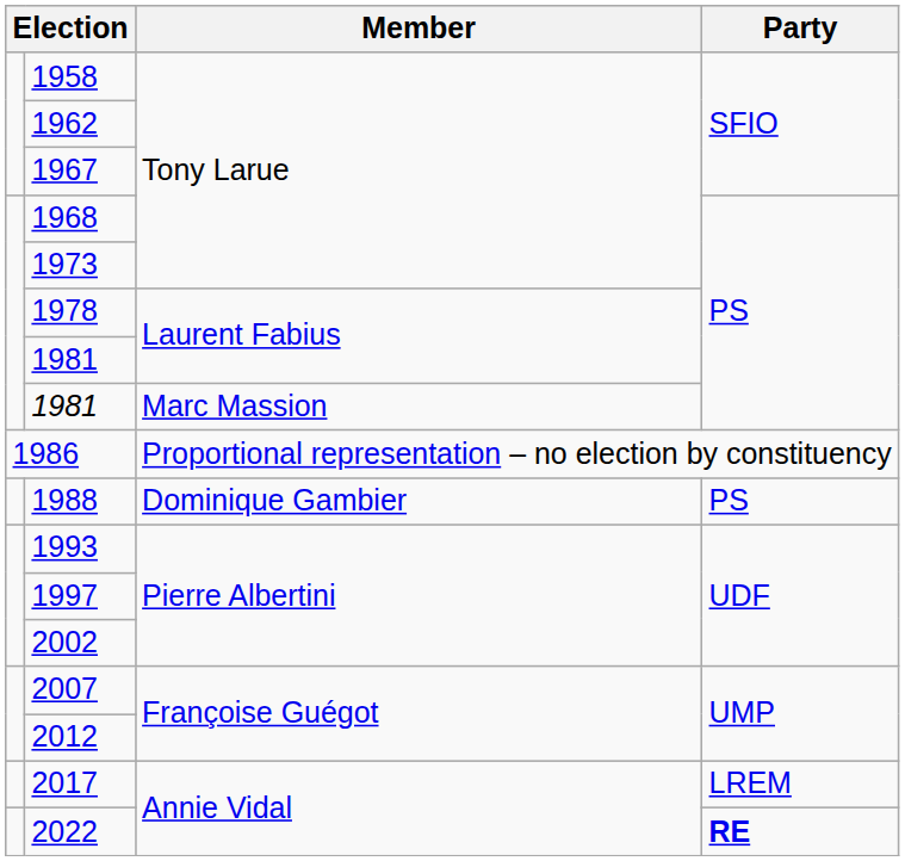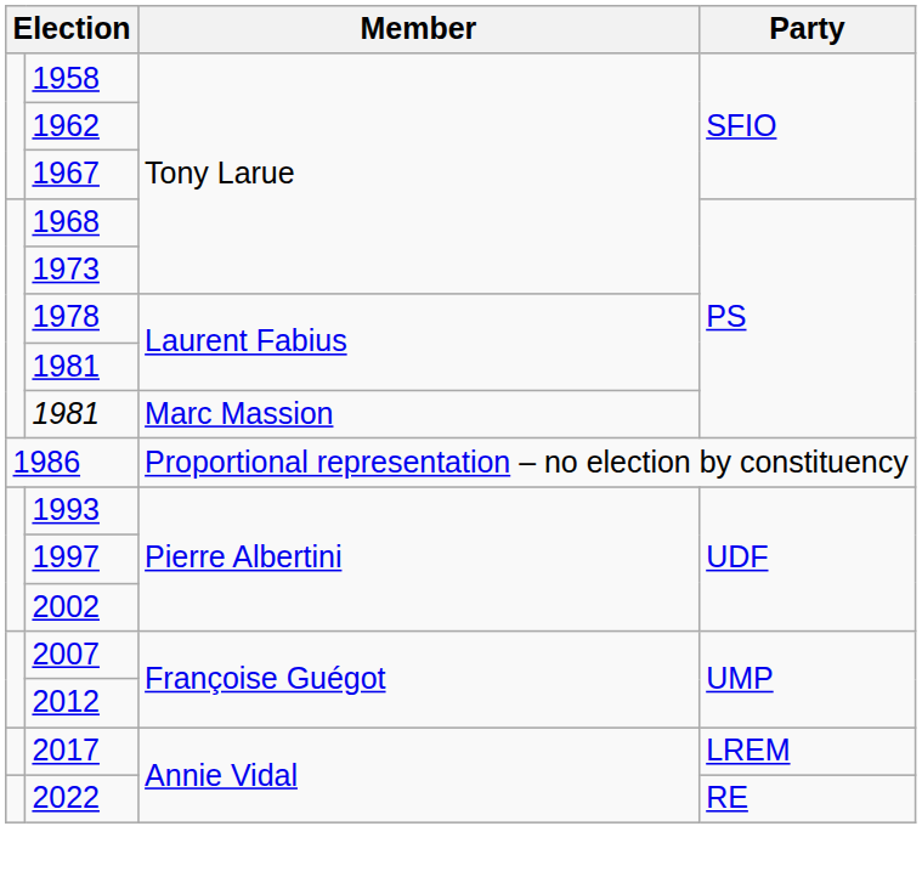 <table class="wikitable">
 <tr>
 <th colspan=2>Election</th>
 <th>Member</th>
 <th>Party</th>
 </tr>
 <tr>
 <td rowspan="3" style="background-color: "></td>
 <td><a href='#'>1958</a></td>
 <td rowspan="5">Tony Larue</td>
 <td rowspan="3"><a href='#'>SFIO</a></td>
 </tr>
 <tr>
 <td><a href='#'>1962</a></td>
 </tr>
 <tr>
 <td><a href='#'>1967</a></td>
 </tr>
 <tr>
 <td rowspan="5" style="background-color: "></td>
 <td><a href='#'>1968</a></td>
 <td rowspan="5"><a href='#'>PS</a></td>
 </tr>
 <tr>
 <td><a href='#'>1973</a></td>
 </tr>
 <tr>
 <td><a href='#'>1978</a></td>
 <td rowspan="2"><a href='#'>Laurent Fabius</a></td>
 </tr>
 <tr>
 <td><a href='#'>1981</a></td>
 </tr>
 <tr>
 <td><em>1981</em></td>
 <td><a href='#'>Marc Massion</a></td>
 </tr>
 <tr>
 <td colspan="2"><a href='#'>1986</a></td>
 <td colspan="2"><a href='#'>Proportional representation</a> – no election by constituency</td>
 </tr>
 <tr>
-<td style="background-color: "></td>
-<td><a href='#'>1988</a></td>
-<td><a href='#'>Dominique Gambier</a></td>
-<td><a href='#'>PS</a></td>
-</tr>
-<tr>
 <td rowspan="3" style="background-color: "></td>
 <td><a href='#'>1993</a></td>
 <td rowspan="3"><a href='#'>Pierre Albertini</a></td>
 <td rowspan="3"><a href='#'>UDF</a></td>
 </tr>
 <tr>
 <td><a href='#'>1997</a></td>
 </tr>
 <tr>
 <td><a href='#'>2002</a></td>
 </tr>
 <tr>
 <td rowspan="2" style="background-color: "></td>
 <td><a href='#'>2007</a></td>
 <td rowspan="2"><a href='#'>Françoise Guégot</a></td>
 <td rowspan="2"><a href='#'>UMP</a></td>
 </tr>
 <tr>
 <td><a href='#'>2012</a></td>
 </tr>
 <tr>
 <td style="background-color: "></td>
 <td><a href='#'>2017</a></td>
 <td rowspan="2"><a href='#'>Annie Vidal</a></td>
 <td><a href='#'>LREM</a></td>
 </tr>
 <tr>
 <td style="background-color: "></td>
 <td><a href='#'>2022</a></td>
-<td><strong><a href='#'>RE</a></strong></td>
+<td><a href='#'>RE</a></td>
 </tr>
 </table>
